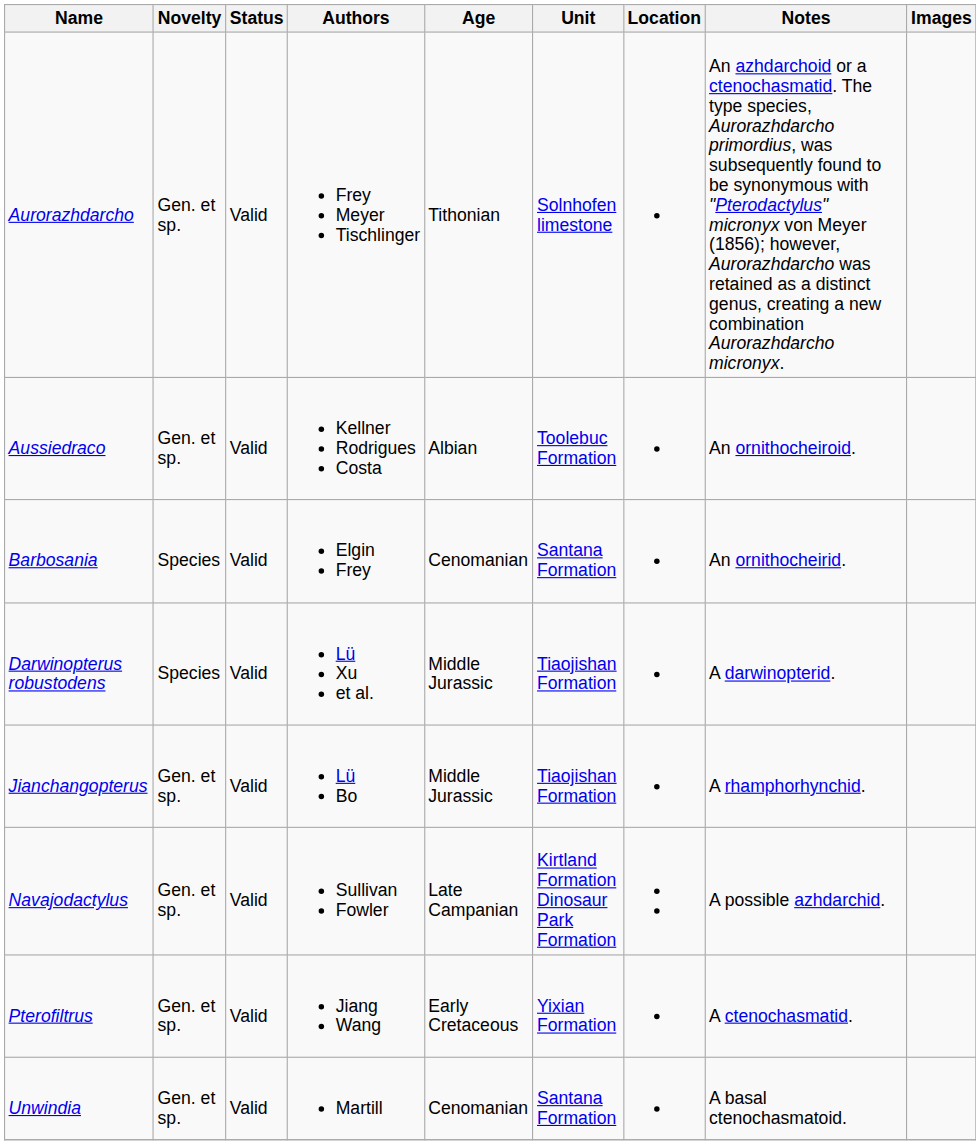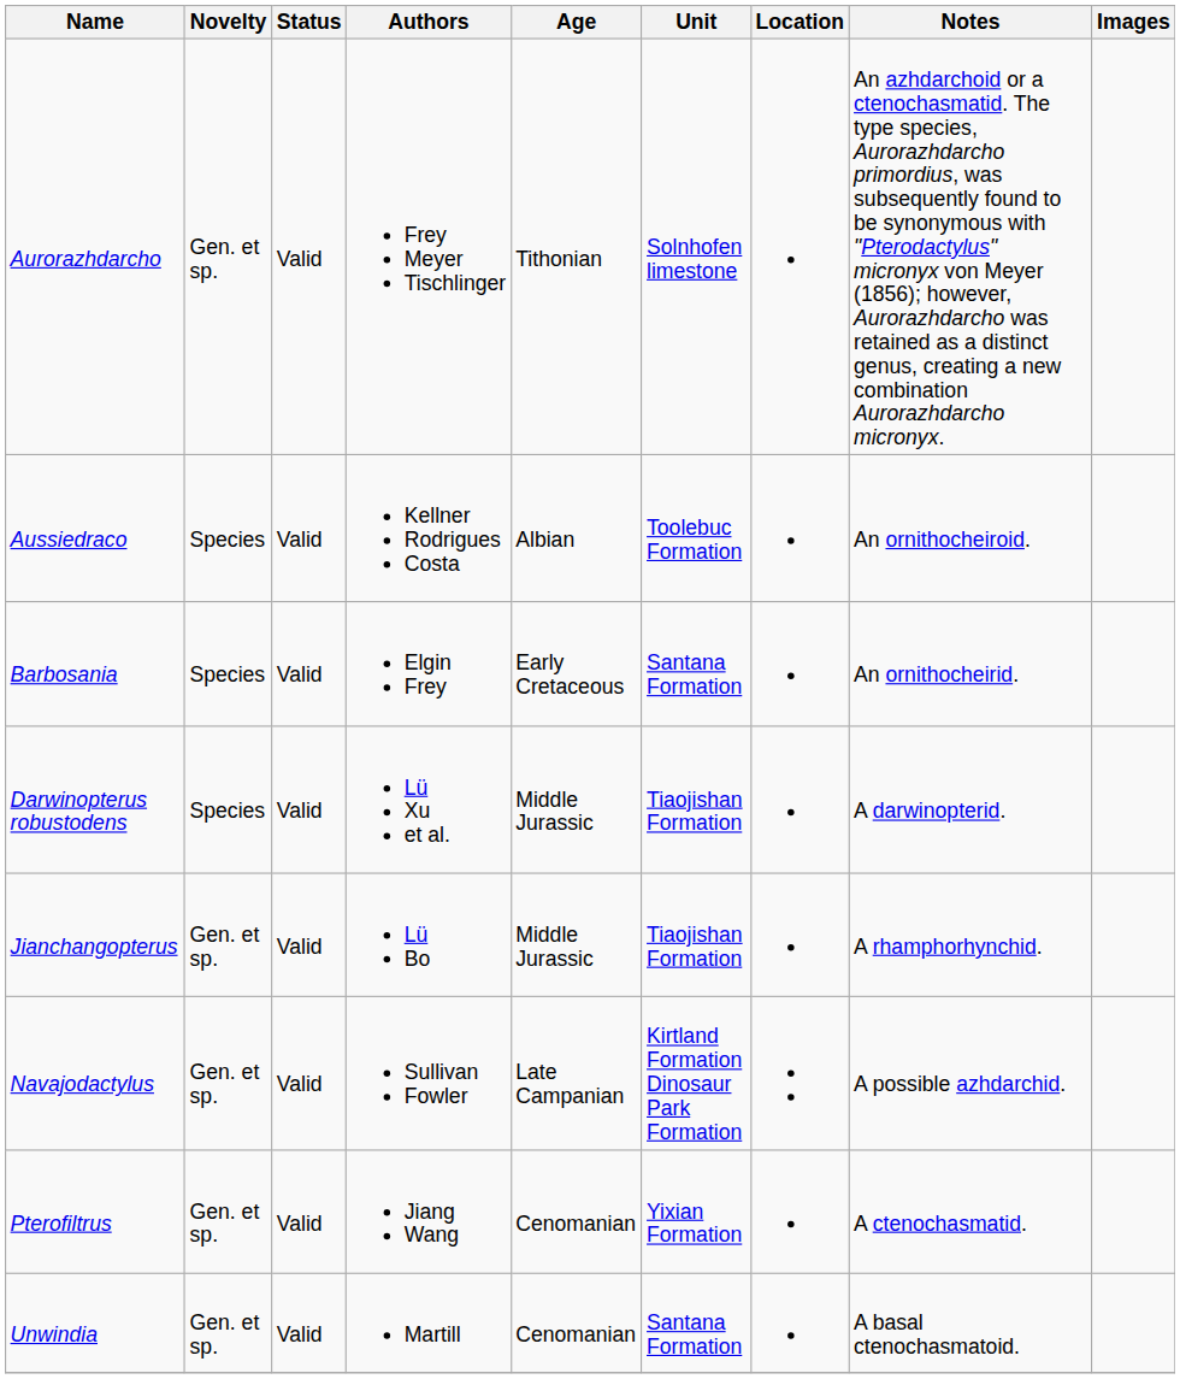 <table class="wikitable sortable" align="center" width="100%">
 <tr>
 <th>Name</th>
 <th>Novelty</th>
 <th>Status</th>
 <th>Authors</th>
 <th>Age</th>
 <th>Unit</th>
 <th>Location</th>
 <th>Notes</th>
 <th>Images</th>
 </tr>
 <tr>
 <td><br><em><a href='#'>Aurorazhdarcho</a></em></td>
 <td><br>Gen. et sp.</td>
 <td><br>Valid</td>
 <td><br><ul><li>Frey</li><li>Meyer</li><li>Tischlinger</li></ul></td>
 <td><br>Tithonian</td>
 <td><br><a href='#'>Solnhofen limestone</a></td>
 <td><br><ul><li></li></ul></td>
 <td><br>An <a href='#'>azhdarchoid</a> or a <a href='#'>ctenochasmatid</a>. The type species, <em>Aurorazhdarcho primordius</em>, was subsequently found to be synonymous with <em>"<a href='#'>Pterodactylus</a>" micronyx</em> von Meyer (1856); however, <em>Aurorazhdarcho</em> was retained as a distinct genus, creating a new combination <em>Aurorazhdarcho micronyx</em>.</td>
 <td></td>
 </tr>
 <tr>
 <td><br><em><a href='#'>Aussiedraco</a></em></td>
-<td><br>Gen. et sp.</td>
+<td><br>Species</td>
 <td><br>Valid</td>
 <td><br><ul><li>Kellner</li><li>Rodrigues</li><li>Costa</li></ul></td>
 <td><br>Albian</td>
 <td><br><a href='#'>Toolebuc Formation</a></td>
 <td><br><ul><li></li></ul></td>
 <td><br>An <a href='#'>ornithocheiroid</a>.</td>
 <td></td>
 </tr>
 <tr>
 <td><br><em><a href='#'>Barbosania</a></em></td>
 <td><br>Species</td>
 <td><br>Valid</td>
 <td><br><ul><li>Elgin</li><li>Frey</li></ul></td>
-<td><br>Cenomanian</td>
+<td><br>Early Cretaceous</td>
 <td><br><a href='#'>Santana Formation</a></td>
 <td><br><ul><li></li></ul></td>
 <td><br>An <a href='#'>ornithocheirid</a>.</td>
 <td></td>
 </tr>
 <tr>
 <td><br><em><a href='#'>Darwinopterus robustodens</a></em></td>
 <td><br>Species</td>
 <td><br>Valid</td>
 <td><br><ul><li><a href='#'>Lü</a></li><li>Xu</li><li>et al.</li></ul></td>
 <td><br>Middle Jurassic</td>
 <td><br><a href='#'>Tiaojishan Formation</a></td>
 <td><br><ul><li></li></ul></td>
 <td><br>A <a href='#'>darwinopterid</a>.</td>
 <td></td>
 </tr>
 <tr>
 <td><br><em><a href='#'>Jianchangopterus</a></em></td>
 <td><br>Gen. et sp.</td>
 <td><br>Valid</td>
 <td><br><ul><li><a href='#'>Lü</a></li><li>Bo</li></ul></td>
 <td><br>Middle Jurassic</td>
 <td><br><a href='#'>Tiaojishan Formation</a></td>
 <td><br><ul><li></li></ul></td>
 <td><br>A <a href='#'>rhamphorhynchid</a>.</td>
 <td></td>
 </tr>
 <tr>
 <td><br><em><a href='#'>Navajodactylus</a></em></td>
 <td><br>Gen. et sp.</td>
 <td><br>Valid</td>
 <td><br><ul><li>Sullivan</li><li>Fowler</li></ul></td>
 <td><br>Late Campanian</td>
 <td><br><a href='#'>Kirtland Formation</a> <br> <a href='#'>Dinosaur Park Formation</a></td>
 <td><br><ul><li></li><li></li></ul></td>
 <td><br>A possible <a href='#'>azhdarchid</a>.</td>
 <td></td>
 </tr>
 <tr>
 <td><br><em><a href='#'>Pterofiltrus</a></em></td>
 <td><br>Gen. et sp.</td>
 <td><br>Valid</td>
 <td><br><ul><li>Jiang</li><li>Wang</li></ul></td>
-<td><br>Early Cretaceous</td>
+<td><br>Cenomanian</td>
 <td><br><a href='#'>Yixian Formation</a></td>
 <td><br><ul><li></li></ul></td>
 <td><br>A <a href='#'>ctenochasmatid</a>.</td>
 <td></td>
 </tr>
 <tr>
 <td><br><em><a href='#'>Unwindia</a></em></td>
 <td><br>Gen. et sp.</td>
 <td><br>Valid</td>
 <td><br><ul><li>Martill</li></ul></td>
 <td><br>Cenomanian</td>
 <td><br><a href='#'>Santana Formation</a></td>
 <td><br><ul><li></li></ul></td>
 <td><br>A basal ctenochasmatoid.</td>
 <td></td>
 </tr>
 <tr>
 </tr>
 </table>
